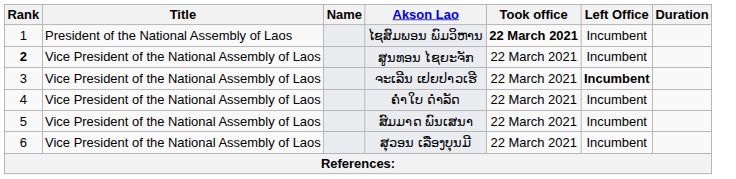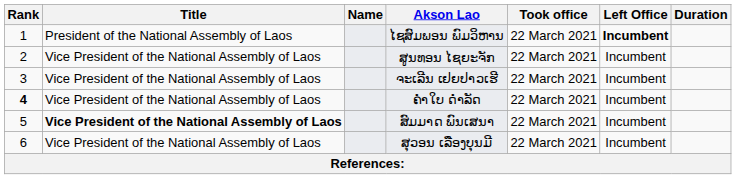 <table class="wikitable sortable" style=text-align:center>
 <tr>
 <th>Rank</th>
 <th>Title</th>
 <th>Name</th>
 <th class="unsortable"><a href='#'>Akson Lao</a></th>
 <th>Took office</th>
 <th>Left Office</th>
 <th>Duration</th>
 </tr>
 <tr>
 <td>1</td>
 <td align="left">President of the National Assembly of Laos</td>
 <td bgcolor = #EAECF0></td>
 <td bgcolor = #EAECF0>ໄຊສົມພອນ ພົມວິຫານ</td>
-<td><strong>22 March 2021</strong></td>
-<td>Incumbent</td>
+<td>22 March 2021</td>
+<td><strong>Incumbent</strong></td>
 <td></td>
 </tr>
 <tr>
-<td><strong>2</strong></td>
+<td>2</td>
 <td align="left">Vice President of the National Assembly of Laos</td>
 <td bgcolor = #EAECF0></td>
 <td bgcolor = #EAECF0>ສູນທອນ ໄຊຍະຈັກ</td>
 <td>22 March 2021</td>
 <td>Incumbent</td>
 <td></td>
 </tr>
 <tr>
 <td>3</td>
 <td align="left">Vice President of the National Assembly of Laos</td>
 <td bgcolor = #EAECF0></td>
 <td bgcolor = #EAECF0>ຈະເລີນ ເຢຍປາວເຮີ</td>
 <td>22 March 2021</td>
-<td><strong>Incumbent</strong></td>
+<td>Incumbent</td>
 <td></td>
 </tr>
 <tr>
-<td>4</td>
+<td><strong>4</strong></td>
 <td align="left">Vice President of the National Assembly of Laos</td>
 <td bgcolor = #EAECF0></td>
 <td bgcolor = #EAECF0>ຄໍາໃບ ດໍາລັດ</td>
 <td>22 March 2021</td>
 <td>Incumbent</td>
 <td></td>
 </tr>
 <tr>
 <td>5</td>
-<td align="left">Vice President of the National Assembly of Laos</td>
+<td align="left"><strong>Vice President of the National Assembly of Laos</strong></td>
 <td bgcolor = #EAECF0></td>
 <td bgcolor = #EAECF0>ສົມມາດ ພົນເສນາ</td>
 <td>22 March 2021</td>
 <td>Incumbent</td>
 <td></td>
 </tr>
 <tr>
 <td>6</td>
 <td align="left">Vice President of the National Assembly of Laos</td>
 <td bgcolor = #EAECF0></td>
 <td bgcolor = #EAECF0>ສຸວອນ ເລືອງບຸນມີ</td>
 <td>22 March 2021</td>
 <td>Incumbent</td>
 <td></td>
 </tr>
 <tr>
 <th colspan="7" unsortable><strong>References:</strong><br></th>
 </tr>
 </table>
